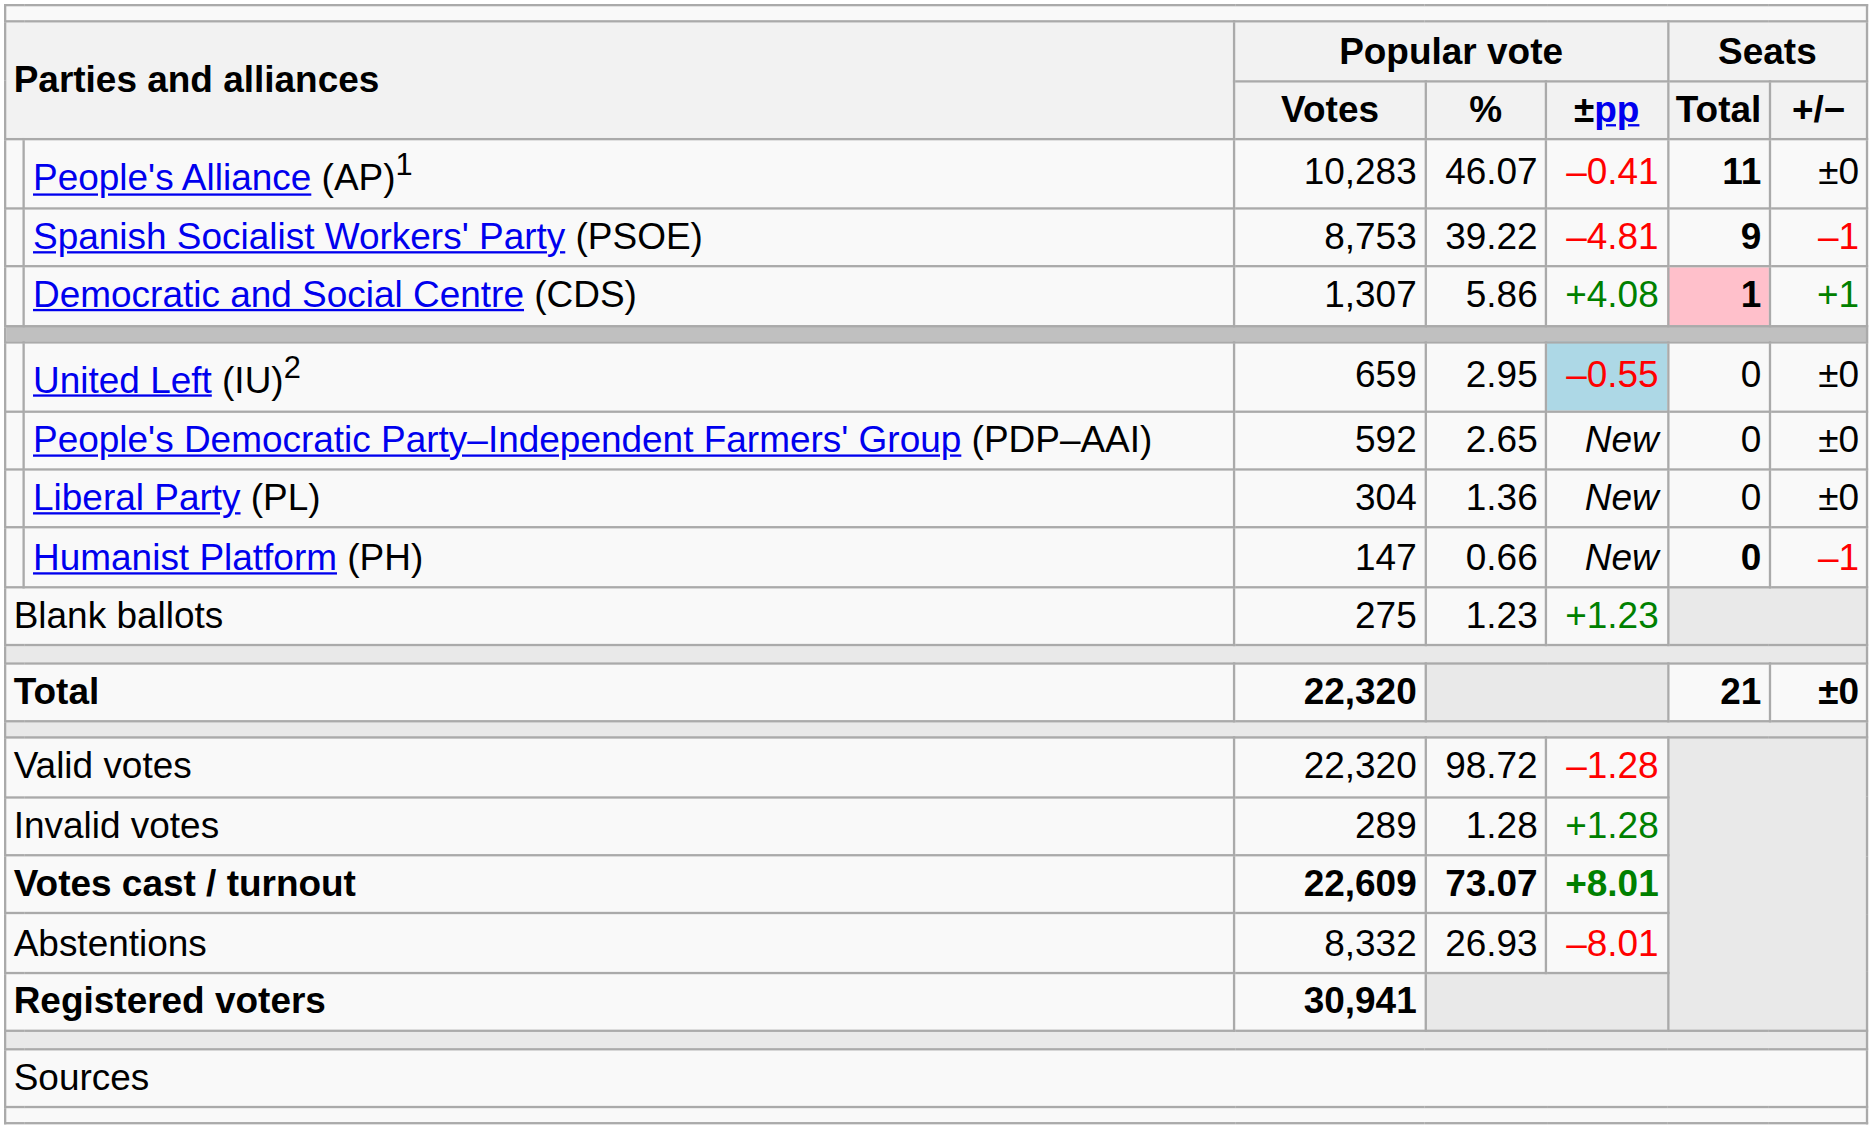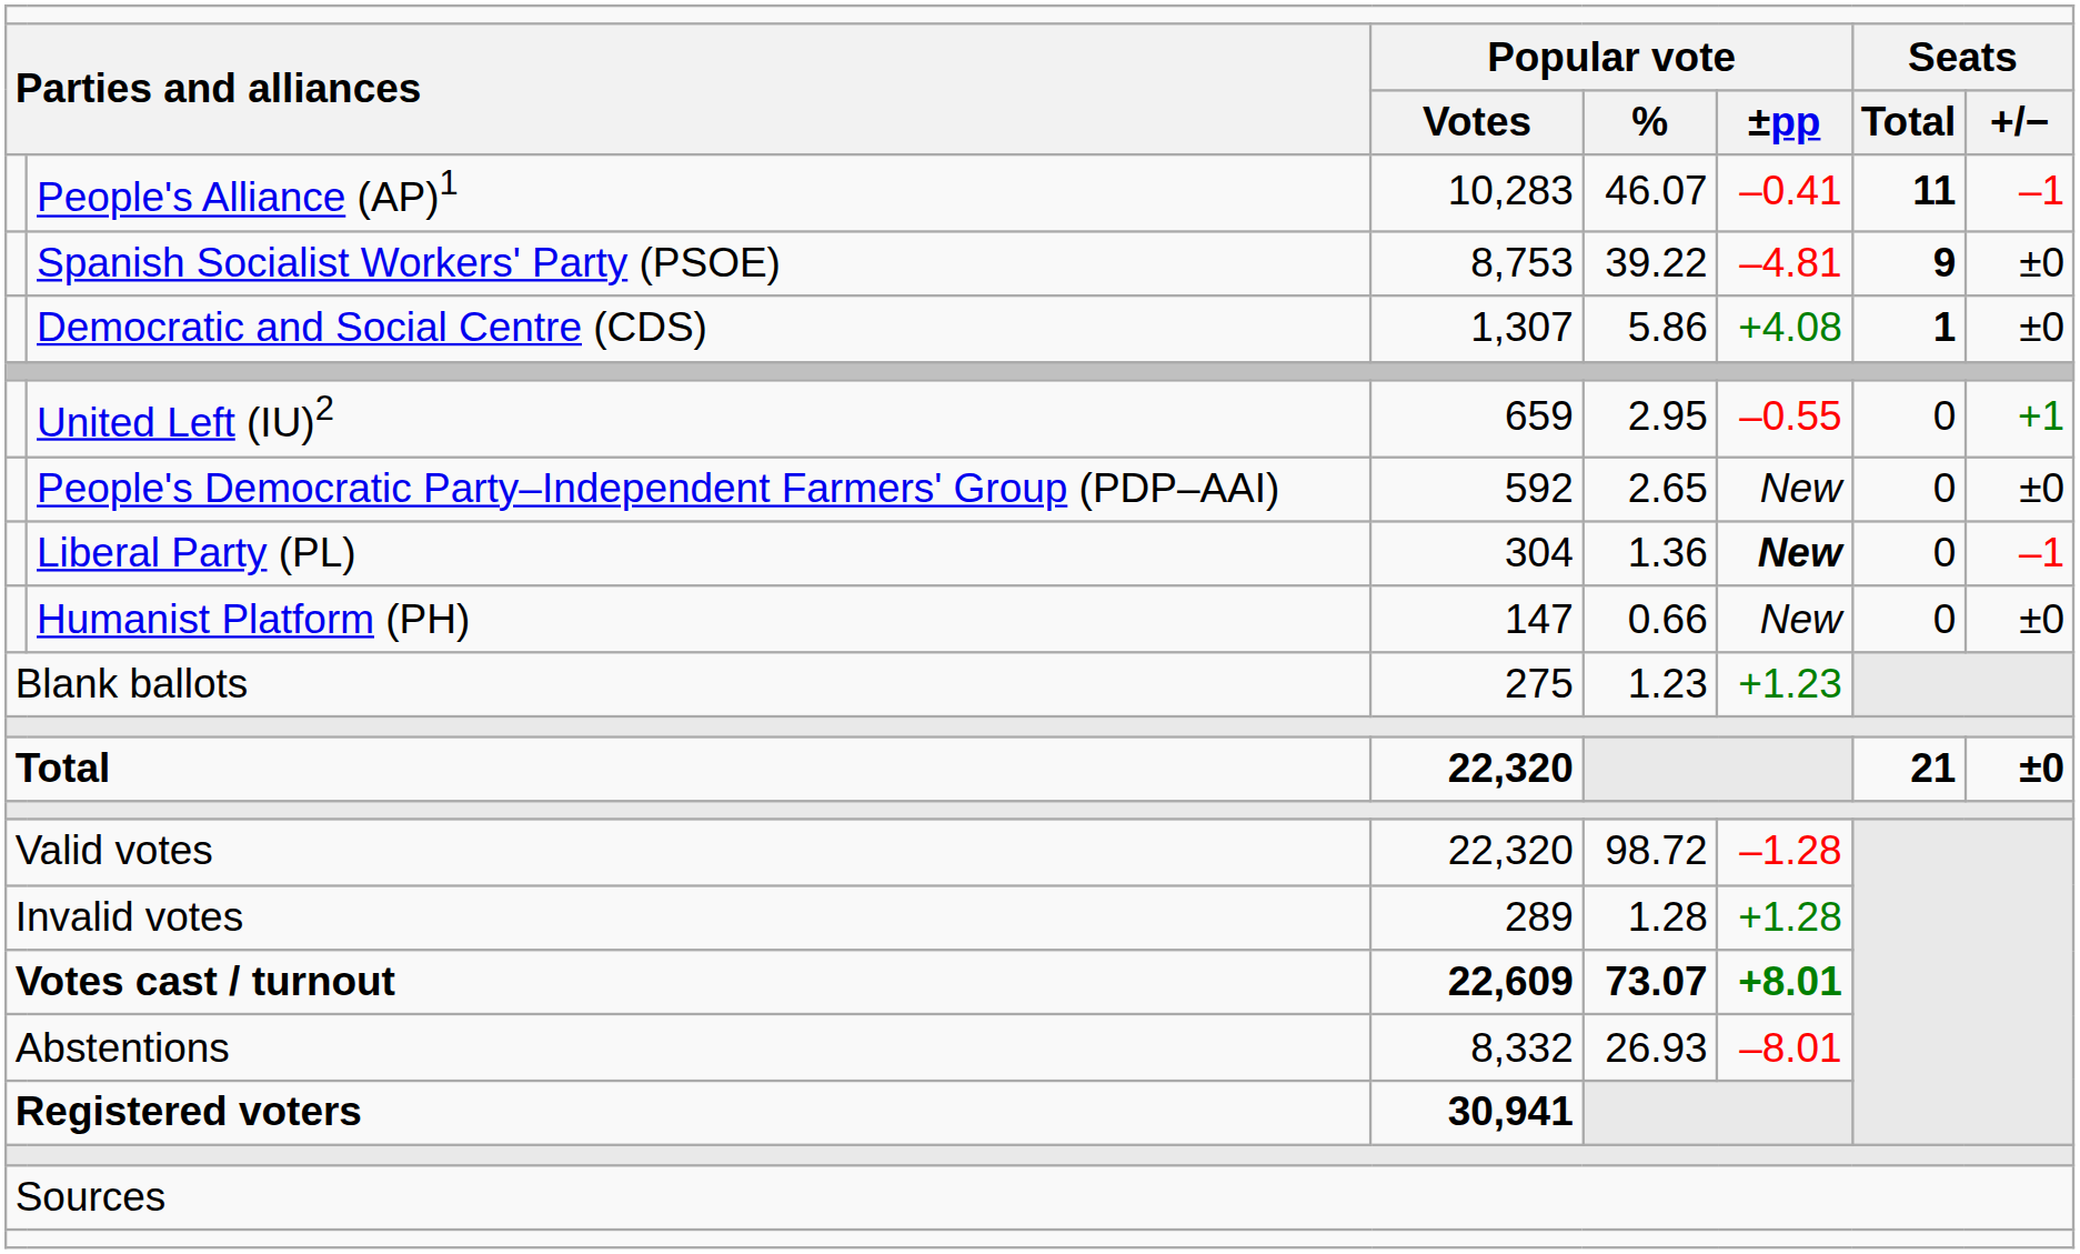 <table class="wikitable" style="text-align:right;">
 <tr>
 <td colspan="7"></td>
 </tr>
 <tr>
 <th style="text-align:left;" rowspan="2" colspan="2" width="525">Parties and alliances</th>
 <th colspan="3">Popular vote</th>
 <th colspan="2">Seats</th>
 </tr>
 <tr>
 <th width="75">Votes</th>
 <th width="45">%</th>
 <th width="45">±<a href='#'>pp</a></th>
 <th width="35">Total</th>
 <th width="35">+/−</th>
 </tr>
 <tr>
 <td width="1" style="color:inherit;background:"></td>
 <td align="left"><a href='#'>People's Alliance</a> (AP)<sup>1</sup></td>
 <td>10,283</td>
 <td>46.07</td>
 <td style="color:red;">–0.41</td>
 <td><strong>11</strong></td>
-<td>±0</td>
+<td style="color:red;">–1</td>
 </tr>
 <tr>
 <td style="color:inherit;background:"></td>
 <td align="left"><a href='#'>Spanish Socialist Workers' Party</a> (PSOE)</td>
 <td>8,753</td>
 <td>39.22</td>
 <td style="color:red;">–4.81</td>
 <td><strong>9</strong></td>
-<td style="color:red;">–1</td>
+<td>±0</td>
 </tr>
 <tr>
 <td style="color:inherit;background:"></td>
 <td align="left"><a href='#'>Democratic and Social Centre</a> (CDS)</td>
 <td>1,307</td>
 <td>5.86</td>
 <td style="color:green;">+4.08</td>
-<td style="background: pink;"><strong>1</strong></td>
-<td style="color:green;">+1</td>
+<td><strong>1</strong></td>
+<td>±0</td>
 </tr>
 <tr>
 <td colspan="7" bgcolor="#C0C0C0"></td>
 </tr>
 <tr>
 <td style="color:inherit;background:"></td>
 <td align="left"><a href='#'>United Left</a> (IU)<sup>2</sup></td>
 <td>659</td>
 <td>2.95</td>
-<td style="background: lightblue; color:red;">–0.55</td>
+<td style="color:red;">–0.55</td>
 <td>0</td>
-<td>±0</td>
+<td style="color:green;">+1</td>
 </tr>
 <tr>
 <td style="color:inherit;background:"></td>
 <td align="left"><a href='#'>People's Democratic Party–Independent Farmers' Group</a> (PDP–AAI)</td>
 <td>592</td>
 <td>2.65</td>
 <td><em>New</em></td>
 <td>0</td>
 <td>±0</td>
 </tr>
 <tr>
 <td style="color:inherit;background:"></td>
 <td align="left"><a href='#'>Liberal Party</a> (PL)</td>
 <td>304</td>
 <td>1.36</td>
-<td><em>New</em></td>
+<td><strong><em>New</em></strong></td>
 <td>0</td>
-<td>±0</td>
+<td style="color:red;">–1</td>
 </tr>
 <tr>
 <td style="color:inherit;background:"></td>
 <td align="left"><a href='#'>Humanist Platform</a> (PH)</td>
 <td>147</td>
 <td>0.66</td>
 <td><em>New</em></td>
-<td><strong>0</strong></td>
-<td style="color:red;">–1</td>
+<td>0</td>
+<td>±0</td>
 </tr>
 <tr>
 <td align="left" colspan="2">Blank ballots</td>
 <td>275</td>
 <td>1.23</td>
 <td style="color:green;">+1.23</td>
 <td bgcolor="#E9E9E9" colspan="2"></td>
 </tr>
 <tr>
 <td colspan="7" bgcolor="#E9E9E9"></td>
 </tr>
 <tr style="font-weight:bold;">
 <td align="left" colspan="2">Total</td>
 <td>22,320</td>
 <td bgcolor="#E9E9E9" colspan="2"></td>
 <td>21</td>
 <td>±0</td>
 </tr>
 <tr>
 <td colspan="7" bgcolor="#E9E9E9"></td>
 </tr>
 <tr>
 <td align="left" colspan="2">Valid votes</td>
 <td>22,320</td>
 <td>98.72</td>
 <td style="color:red;">–1.28</td>
 <td bgcolor="#E9E9E9" colspan="2" rowspan="5"></td>
 </tr>
 <tr>
 <td align="left" colspan="2">Invalid votes</td>
 <td>289</td>
 <td>1.28</td>
 <td style="color:green;">+1.28</td>
 </tr>
 <tr style="font-weight:bold;">
 <td align="left" colspan="2">Votes cast / turnout</td>
 <td>22,609</td>
 <td>73.07</td>
 <td style="color:green;">+8.01</td>
 </tr>
 <tr>
 <td align="left" colspan="2">Abstentions</td>
 <td>8,332</td>
 <td>26.93</td>
 <td style="color:red;">–8.01</td>
 </tr>
 <tr style="font-weight:bold;">
 <td align="left" colspan="2">Registered voters</td>
 <td>30,941</td>
 <td bgcolor="#E9E9E9" colspan="2"></td>
 </tr>
 <tr>
 <td colspan="7" bgcolor="#E9E9E9"></td>
 </tr>
 <tr>
 <td align="left" colspan="7">Sources</td>
 </tr>
 <tr>
 <td colspan="7" style="text-align:left; max-width:790px;"></td>
 </tr>
 </table>
